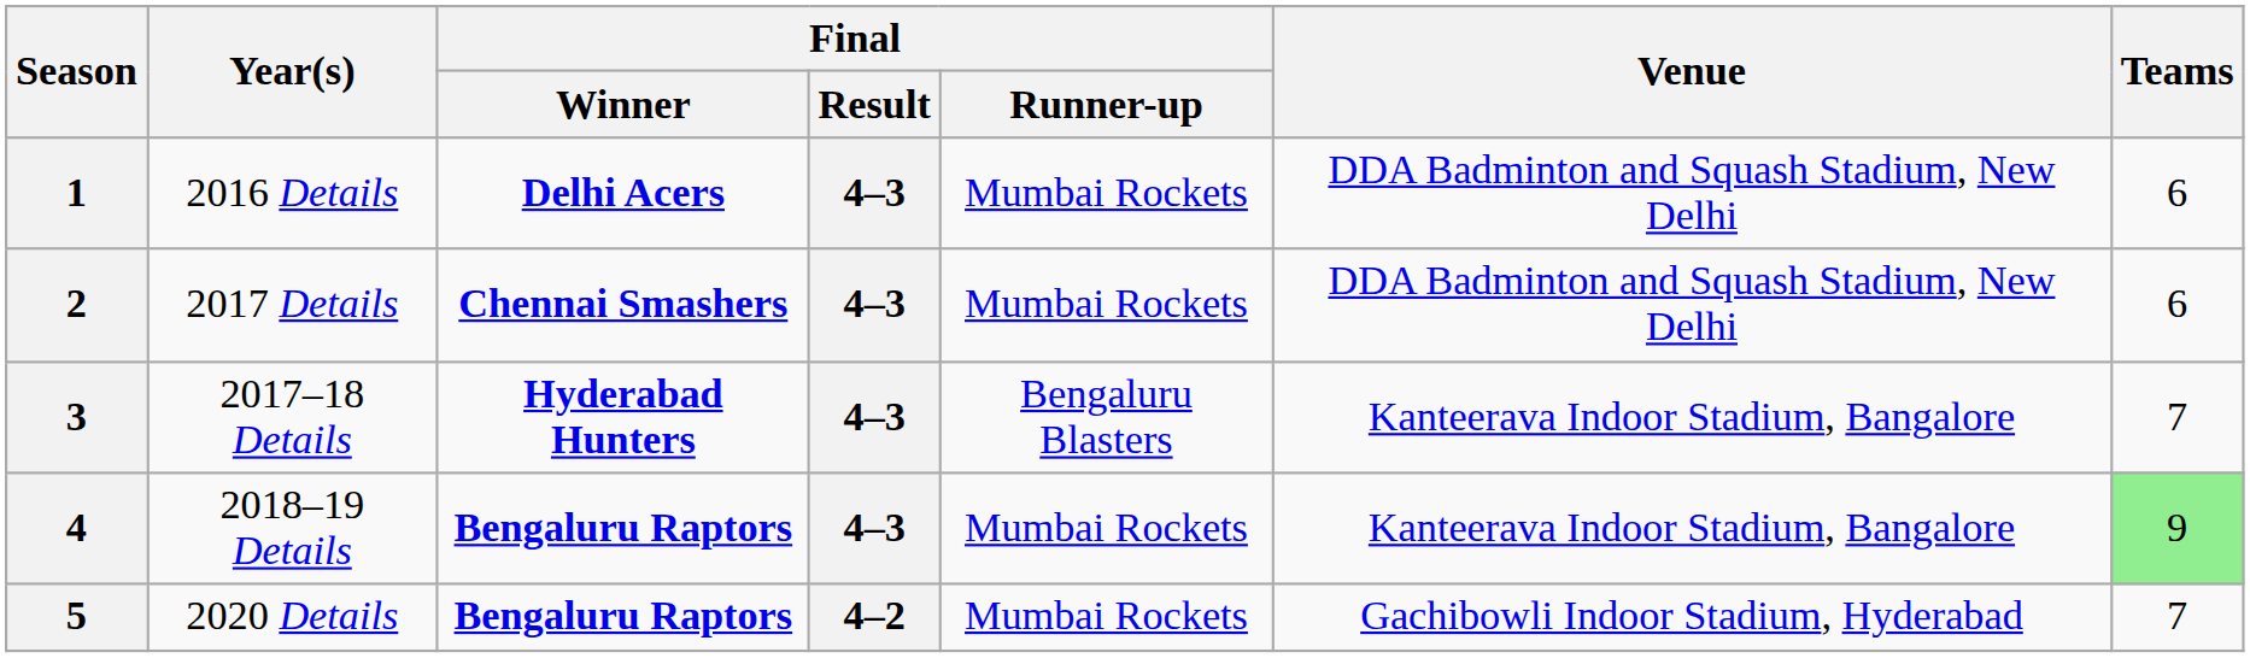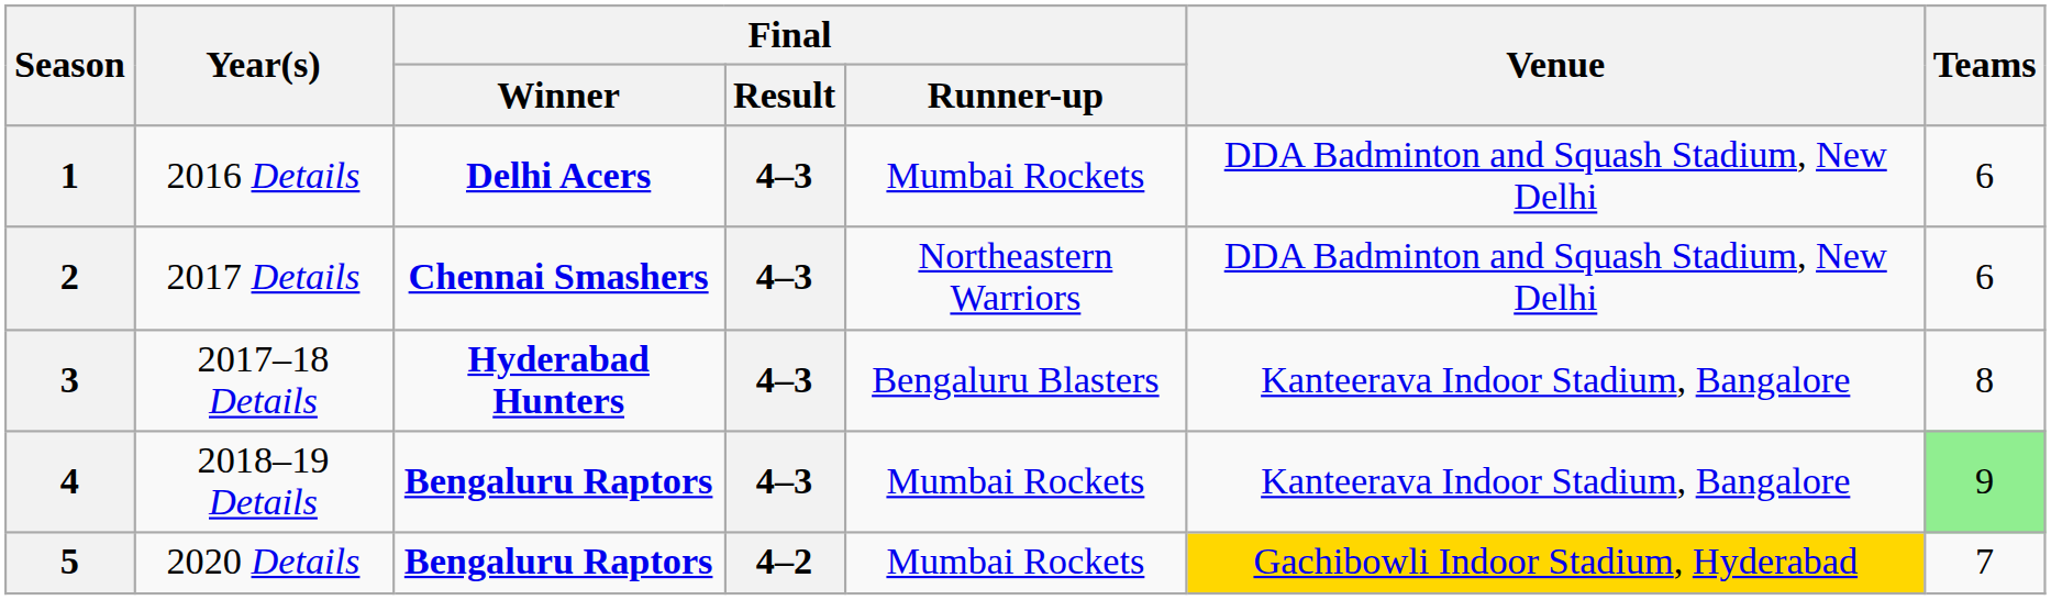 <table class="wikitable" style="text-align:center;">
 <tr>
 <th rowspan=2>Season</th>
 <th rowspan=2>Year(s)</th>
 <th colspan=3>Final</th>
 <th rowspan=2>Venue</th>
 <th rowspan=2>Teams</th>
 </tr>
 <tr>
 <th>Winner</th>
 <th>Result</th>
 <th>Runner-up</th>
 </tr>
 <tr>
 <th>1</th>
 <td>2016 <em><a href='#'>Details</a></em></td>
 <td><strong><a href='#'>Delhi Acers</a></strong></td>
 <th>4–3</th>
 <td><a href='#'>Mumbai Rockets</a></td>
 <td><a href='#'>DDA Badminton and Squash Stadium</a>, <a href='#'>New Delhi</a></td>
 <td>6</td>
 </tr>
 <tr>
 <th>2</th>
 <td>2017 <em><a href='#'>Details</a></em></td>
 <td><strong><a href='#'>Chennai Smashers</a></strong></td>
 <th>4–3</th>
-<td><a href='#'>Mumbai Rockets</a></td>
+<td><a href='#'>Northeastern Warriors</a></td>
 <td><a href='#'>DDA Badminton and Squash Stadium</a>, <a href='#'>New Delhi</a></td>
 <td>6</td>
 </tr>
 <tr>
 <th>3</th>
 <td>2017–18 <em><a href='#'>Details</a></em></td>
 <td><strong><a href='#'>Hyderabad Hunters</a></strong></td>
 <th>4–3</th>
 <td><a href='#'>Bengaluru Blasters</a></td>
 <td><a href='#'>Kanteerava Indoor Stadium</a>, <a href='#'>Bangalore</a></td>
-<td>7</td>
+<td>8</td>
 </tr>
 <tr>
 <th>4</th>
 <td>2018–19 <em><a href='#'>Details</a></em></td>
 <td><strong><a href='#'>Bengaluru Raptors</a></strong></td>
 <th>4–3</th>
 <td><a href='#'>Mumbai Rockets</a></td>
 <td><a href='#'>Kanteerava Indoor Stadium</a>, <a href='#'>Bangalore</a></td>
 <td style="background: lightgreen;">9</td>
 </tr>
 <tr>
 <th>5</th>
 <td>2020 <em><a href='#'>Details</a></em></td>
 <td><strong><a href='#'>Bengaluru Raptors</a></strong></td>
 <th>4–2</th>
 <td><a href='#'>Mumbai Rockets</a></td>
-<td><a href='#'>Gachibowli Indoor Stadium</a>, <a href='#'>Hyderabad</a></td>
+<td style="background: gold;"><a href='#'>Gachibowli Indoor Stadium</a>, <a href='#'>Hyderabad</a></td>
 <td>7</td>
 </tr>
 </table>
